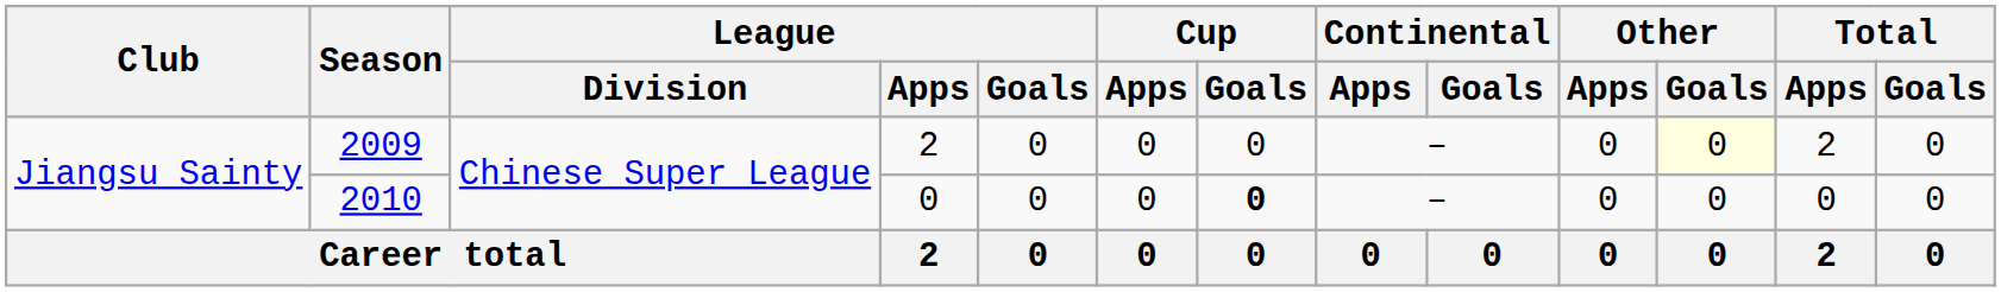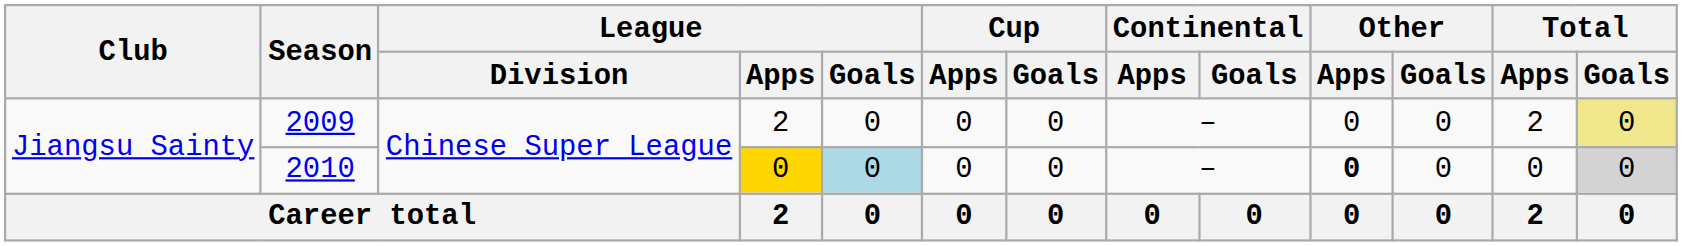 <table class="wikitable" style="text-align: center">
 <tr>
 <th rowspan="2">Club</th>
 <th rowspan="2">Season</th>
 <th colspan="3">League</th>
 <th colspan="2">Cup</th>
 <th colspan="2">Continental</th>
 <th colspan="2">Other</th>
 <th colspan="2">Total</th>
 </tr>
 <tr>
 <th>Division</th>
 <th>Apps</th>
 <th>Goals</th>
 <th>Apps</th>
 <th>Goals</th>
 <th>Apps</th>
 <th>Goals</th>
 <th>Apps</th>
 <th>Goals</th>
 <th>Apps</th>
 <th>Goals</th>
 </tr>
 <tr>
 <td rowspan="2"><a href='#'>Jiangsu Sainty</a></td>
 <td><a href='#'>2009</a></td>
 <td rowspan="2"><a href='#'>Chinese Super League</a></td>
 <td>2</td>
 <td>0</td>
 <td>0</td>
 <td>0</td>
 <td colspan="2">–</td>
 <td>0</td>
-<td style="background: lightyellow;">0</td>
+<td>0</td>
 <td>2</td>
-<td>0</td>
+<td style="background: khaki;">0</td>
 </tr>
 <tr>
 <td><a href='#'>2010</a></td>
+<td style="background: gold;">0</td>
+<td style="background: lightblue;">0</td>
 <td>0</td>
 <td>0</td>
-<td>0</td>
+<td colspan="2">–</td>
 <td><strong>0</strong></td>
-<td colspan="2">–</td>
 <td>0</td>
 <td>0</td>
-<td>0</td>
-<td>0</td>
+<td style="background: lightgrey;">0</td>
 </tr>
 <tr>
 <th colspan=3>Career total</th>
 <th>2</th>
 <th>0</th>
 <th>0</th>
 <th>0</th>
 <th>0</th>
 <th>0</th>
 <th>0</th>
 <th>0</th>
 <th>2</th>
 <th>0</th>
 </tr>
 </table>
